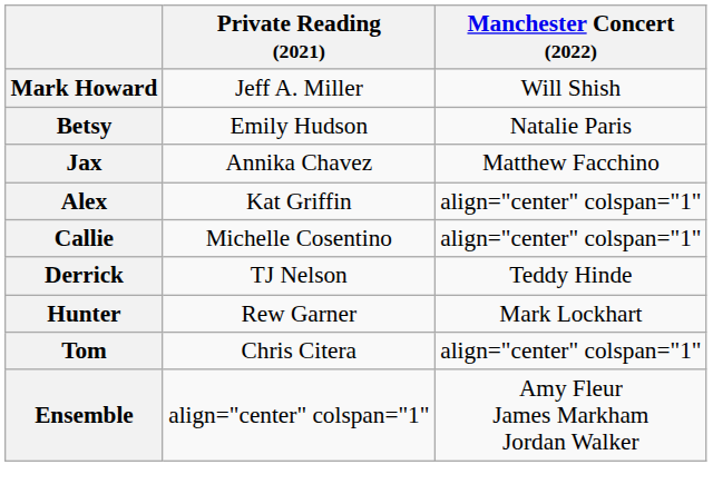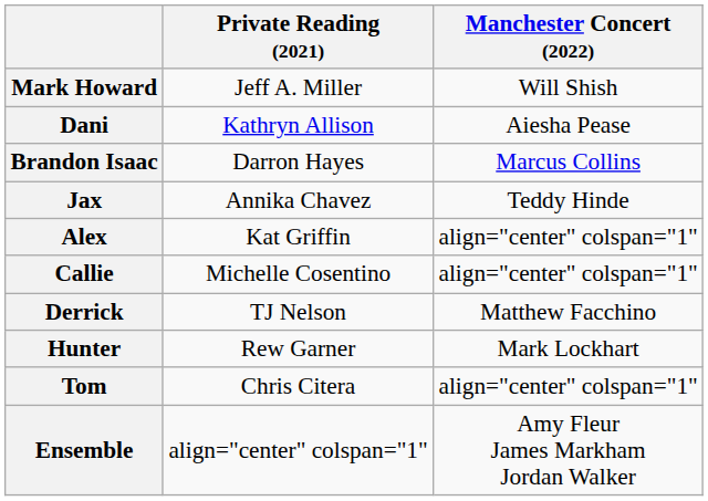 <table class="wikitable" style="width:1000;">
 <tr>
 <th></th>
 <th>Private Reading <br><small>(2021)</small></th>
 <th><a href='#'>Manchester</a> Concert <br><small>(2022)</small></th>
 </tr>
 <tr>
 <th>Mark Howard</th>
 <td align="center" colspan="1">Jeff A. Miller</td>
 <td align="center" colspan="1">Will Shish</td>
 </tr>
 <tr>
-<th>Betsy</th>
-<td align="center" colspan="1">Emily Hudson</td>
-<td align="center" colspan="1">Natalie Paris</td>
+<th>Dani</th>
+<td align="center" colspan="1"><a href='#'>Kathryn Allison</a></td>
+<td align="center" colspan="1">Aiesha Pease</td>
+</tr>
+<tr>
+<th>Brandon Isaac</th>
+<td align="center" colspan="1">Darron Hayes</td>
+<td align="center" colspan="1"><a href='#'>Marcus Collins</a></td>
 </tr>
 <tr>
 <th>Jax</th>
 <td align="center" colspan="1">Annika Chavez</td>
-<td align="center" colspan="1">Matthew Facchino</td>
+<td align="center" colspan="1">Teddy Hinde</td>
 </tr>
 <tr>
 <th>Alex</th>
 <td align="center" colspan="1">Kat Griffin</td>
 <td>align="center" colspan="1" </td>
 </tr>
 <tr>
 <th>Callie</th>
 <td align="center" colspan="1">Michelle Cosentino</td>
 <td>align="center" colspan="1" </td>
 </tr>
 <tr>
 <th>Derrick</th>
 <td align="center" colspan="1">TJ Nelson</td>
-<td align="center" colspan="1">Teddy Hinde</td>
+<td align="center" colspan="1">Matthew Facchino</td>
 </tr>
 <tr>
 <th>Hunter</th>
 <td align="center" colspan="1">Rew Garner</td>
 <td align="center" colspan="1">Mark Lockhart</td>
 </tr>
 <tr>
 <th>Tom</th>
 <td align="center" colspan="1">Chris Citera</td>
 <td>align="center" colspan="1" </td>
 </tr>
 <tr>
 <th>Ensemble</th>
 <td>align="center" colspan="1" </td>
 <td align="center">Amy Fleur<br>James Markham<br>Jordan Walker</td>
 </tr>
 </table>
